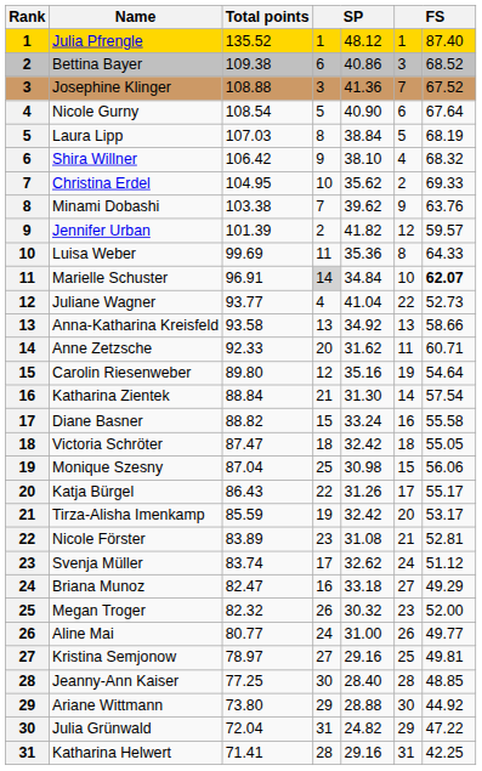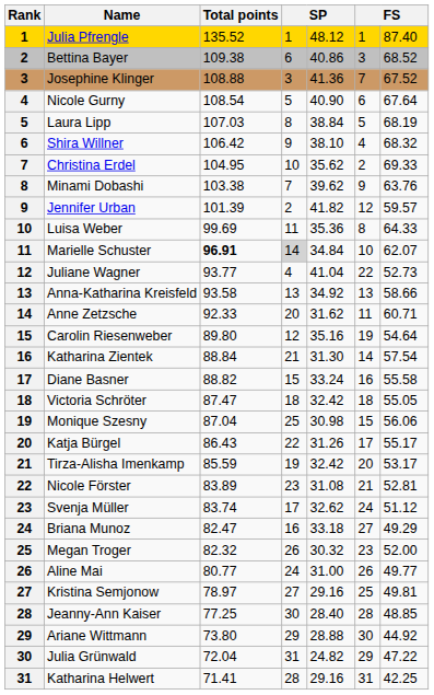 <table class="wikitable">
 <tr>
 <th>Rank</th>
 <th>Name</th>
 <th>Total points</th>
 <th colspan="2" width="80px">SP</th>
 <th colspan="2" width="80px">FS</th>
 </tr>
 <tr bgcolor="gold">
 <td align="center"><strong>1</strong></td>
 <td><a href='#'>Julia Pfrengle</a></td>
 <td>135.52</td>
 <td>1</td>
 <td>48.12</td>
 <td>1</td>
 <td>87.40</td>
 </tr>
 <tr bgcolor="silver">
 <td align="center"><strong>2</strong></td>
 <td>Bettina Bayer</td>
 <td>109.38</td>
 <td>6</td>
 <td>40.86</td>
 <td>3</td>
 <td>68.52</td>
 </tr>
 <tr bgcolor="cc9966">
 <td align="center"><strong>3</strong></td>
 <td>Josephine Klinger</td>
 <td>108.88</td>
 <td>3</td>
 <td>41.36</td>
 <td>7</td>
 <td>67.52</td>
 </tr>
 <tr>
 <th>4</th>
 <td>Nicole Gurny</td>
 <td>108.54</td>
 <td>5</td>
 <td>40.90</td>
 <td>6</td>
 <td>67.64</td>
 </tr>
 <tr>
 <th>5</th>
 <td>Laura Lipp</td>
 <td>107.03</td>
 <td>8</td>
 <td>38.84</td>
 <td>5</td>
 <td>68.19</td>
 </tr>
 <tr>
 <th>6</th>
 <td><a href='#'>Shira Willner</a></td>
 <td>106.42</td>
 <td>9</td>
 <td>38.10</td>
 <td>4</td>
 <td>68.32</td>
 </tr>
 <tr>
 <th>7</th>
 <td><a href='#'>Christina Erdel</a></td>
 <td>104.95</td>
 <td>10</td>
 <td>35.62</td>
 <td>2</td>
 <td>69.33</td>
 </tr>
 <tr>
 <th>8</th>
 <td>Minami Dobashi</td>
 <td>103.38</td>
 <td>7</td>
 <td>39.62</td>
 <td>9</td>
 <td>63.76</td>
 </tr>
 <tr>
 <th>9</th>
 <td><a href='#'>Jennifer Urban</a></td>
 <td>101.39</td>
 <td>2</td>
 <td>41.82</td>
 <td>12</td>
 <td>59.57</td>
 </tr>
 <tr>
 <th>10</th>
 <td>Luisa Weber</td>
 <td>99.69</td>
 <td>11</td>
 <td>35.36</td>
 <td>8</td>
 <td>64.33</td>
 </tr>
 <tr>
 <th>11</th>
 <td>Marielle Schuster</td>
-<td>96.91</td>
+<td><strong>96.91</strong></td>
 <td style="background: lightgrey;">14</td>
 <td>34.84</td>
 <td>10</td>
-<td><strong>62.07</strong></td>
+<td>62.07</td>
 </tr>
 <tr>
 <th>12</th>
 <td>Juliane Wagner</td>
 <td>93.77</td>
 <td>4</td>
 <td>41.04</td>
 <td>22</td>
 <td>52.73</td>
 </tr>
 <tr>
 <th>13</th>
 <td>Anna-Katharina Kreisfeld</td>
 <td>93.58</td>
 <td>13</td>
 <td>34.92</td>
 <td>13</td>
 <td>58.66</td>
 </tr>
 <tr>
 <th>14</th>
 <td>Anne Zetzsche</td>
 <td>92.33</td>
 <td>20</td>
 <td>31.62</td>
 <td>11</td>
 <td>60.71</td>
 </tr>
 <tr>
 <th>15</th>
 <td>Carolin Riesenweber</td>
 <td>89.80</td>
 <td>12</td>
 <td>35.16</td>
 <td>19</td>
 <td>54.64</td>
 </tr>
 <tr>
 <th>16</th>
 <td>Katharina Zientek</td>
 <td>88.84</td>
 <td>21</td>
 <td>31.30</td>
 <td>14</td>
 <td>57.54</td>
 </tr>
 <tr>
 <th>17</th>
 <td>Diane Basner</td>
 <td>88.82</td>
 <td>15</td>
 <td>33.24</td>
 <td>16</td>
 <td>55.58</td>
 </tr>
 <tr>
 <th>18</th>
 <td>Victoria Schröter</td>
 <td>87.47</td>
 <td>18</td>
 <td>32.42</td>
 <td>18</td>
 <td>55.05</td>
 </tr>
 <tr>
 <th>19</th>
 <td>Monique Szesny</td>
 <td>87.04</td>
 <td>25</td>
 <td>30.98</td>
 <td>15</td>
 <td>56.06</td>
 </tr>
 <tr>
 <th>20</th>
 <td>Katja Bürgel</td>
 <td>86.43</td>
 <td>22</td>
 <td>31.26</td>
 <td>17</td>
 <td>55.17</td>
 </tr>
 <tr>
 <th>21</th>
 <td>Tirza-Alisha Imenkamp</td>
 <td>85.59</td>
 <td>19</td>
 <td>32.42</td>
 <td>20</td>
 <td>53.17</td>
 </tr>
 <tr>
 <th>22</th>
 <td>Nicole Förster</td>
 <td>83.89</td>
 <td>23</td>
 <td>31.08</td>
 <td>21</td>
 <td>52.81</td>
 </tr>
 <tr>
 <th>23</th>
 <td>Svenja Müller</td>
 <td>83.74</td>
 <td>17</td>
 <td>32.62</td>
 <td>24</td>
 <td>51.12</td>
 </tr>
 <tr>
 <th>24</th>
 <td>Briana Munoz</td>
 <td>82.47</td>
 <td>16</td>
 <td>33.18</td>
 <td>27</td>
 <td>49.29</td>
 </tr>
 <tr>
 <th>25</th>
 <td>Megan Troger</td>
 <td>82.32</td>
 <td>26</td>
 <td>30.32</td>
 <td>23</td>
 <td>52.00</td>
 </tr>
 <tr>
 <th>26</th>
 <td>Aline Mai</td>
 <td>80.77</td>
 <td>24</td>
 <td>31.00</td>
 <td>26</td>
 <td>49.77</td>
 </tr>
 <tr>
 <th>27</th>
 <td>Kristina Semjonow</td>
 <td>78.97</td>
 <td>27</td>
 <td>29.16</td>
 <td>25</td>
 <td>49.81</td>
 </tr>
 <tr>
 <th>28</th>
 <td>Jeanny-Ann Kaiser</td>
 <td>77.25</td>
 <td>30</td>
 <td>28.40</td>
 <td>28</td>
 <td>48.85</td>
 </tr>
 <tr>
 <th>29</th>
 <td>Ariane Wittmann</td>
 <td>73.80</td>
 <td>29</td>
 <td>28.88</td>
 <td>30</td>
 <td>44.92</td>
 </tr>
 <tr>
 <th>30</th>
 <td>Julia Grünwald</td>
 <td>72.04</td>
 <td>31</td>
 <td>24.82</td>
 <td>29</td>
 <td>47.22</td>
 </tr>
 <tr>
 <th>31</th>
 <td>Katharina Helwert</td>
 <td>71.41</td>
 <td>28</td>
 <td>29.16</td>
 <td>31</td>
 <td>42.25</td>
 </tr>
 </table>
